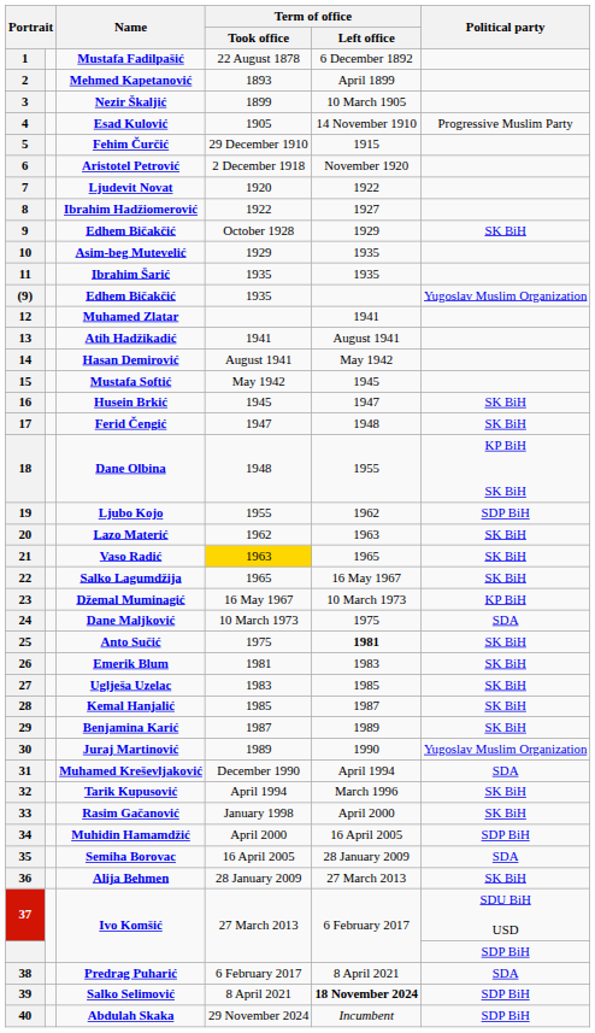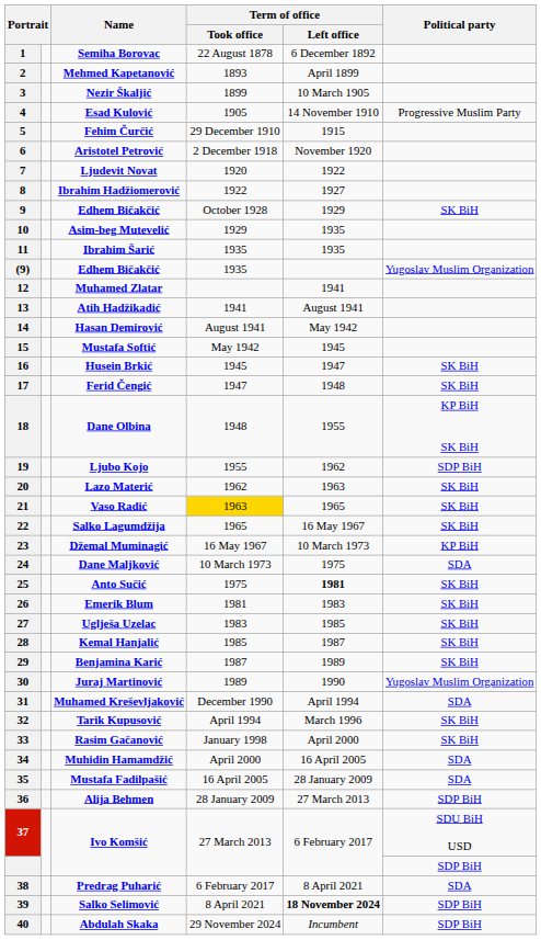 <table class="wikitable sortable" style="text-align: center;font-size:90%; border:1px #AAAAFF solid">
 <tr>
 <th rowspan=2 colspan=2>Portrait</th>
 <th rowspan=2>Name<br></th>
 <th colspan=2>Term of office</th>
 <th rowspan=2>Political party</th>
 </tr>
 <tr>
 <th>Took office</th>
 <th>Left office</th>
 </tr>
 <tr>
 <th style="background:">1</th>
 <td></td>
-<td><strong><a href='#'>Mustafa Fadilpašić</a></strong><br></td>
+<td><strong><a href='#'>Semiha Borovac</a></strong><br></td>
 <td>22 August 1878</td>
 <td>6 December 1892</td>
 <td></td>
 </tr>
 <tr ->
 <th style="background:">2</th>
 <td></td>
 <td><strong><a href='#'>Mehmed Kapetanović</a></strong><br></td>
 <td>1893</td>
 <td>April 1899</td>
 <td></td>
 </tr>
 <tr ->
 <th style="background:">3</th>
 <td></td>
 <td><strong><a href='#'>Nezir Škaljić</a></strong><br></td>
 <td>1899</td>
 <td>10 March 1905</td>
 <td></td>
 </tr>
 <tr ->
 <th style="background:">4</th>
 <td></td>
 <td><strong><a href='#'>Esad Kulović</a></strong><br></td>
 <td>1905</td>
 <td>14 November 1910</td>
 <td>Progressive Muslim Party</td>
 </tr>
 <tr ->
 <th style="background:">5</th>
 <td></td>
 <td><strong><a href='#'>Fehim Čurčić</a></strong><br></td>
 <td>29 December 1910</td>
 <td>1915</td>
 <td></td>
 </tr>
 <tr ->
 <th style="background:">6</th>
 <td></td>
 <td><strong><a href='#'>Aristotel Petrović</a></strong><br></td>
 <td>2 December 1918</td>
 <td>November 1920</td>
 <td></td>
 </tr>
 <tr ->
 <th style="background:">7</th>
 <td></td>
 <td><strong><a href='#'>Ljudevit Novat</a></strong><br></td>
 <td>1920</td>
 <td>1922</td>
 <td></td>
 </tr>
 <tr ->
 <th style="background:">8</th>
 <td></td>
 <td><strong><a href='#'>Ibrahim Hadžiomerović</a></strong><br></td>
 <td>1922</td>
 <td>1927</td>
 <td></td>
 </tr>
 <tr ->
 <th style="background:">9</th>
 <td></td>
 <td><strong><a href='#'>Edhem Bičakčić</a></strong><br></td>
 <td>October 1928</td>
 <td>1929</td>
 <td><a href='#'>SK BiH</a></td>
 </tr>
 <tr ->
 <th style="background:">10</th>
 <td></td>
 <td><strong><a href='#'>Asim-beg Mutevelić</a></strong><br></td>
 <td>1929</td>
 <td>1935</td>
 <td></td>
 </tr>
 <tr ->
 <th style="background:">11</th>
 <td></td>
 <td><strong><a href='#'>Ibrahim Šarić</a></strong><br></td>
 <td>1935</td>
 <td>1935</td>
 <td></td>
 </tr>
 <tr ->
 <th style="background:">(9)</th>
 <td></td>
 <td><strong><a href='#'>Edhem Bičakčić</a></strong><br></td>
 <td>1935</td>
 <td></td>
 <td><a href='#'>Yugoslav Muslim Organization</a></td>
 </tr>
 <tr ->
 <th style="background:">12</th>
 <td></td>
 <td><strong><a href='#'>Muhamed Zlatar</a></strong><br></td>
 <td></td>
 <td>1941</td>
 <td></td>
 </tr>
 <tr ->
 <th style="background:">13</th>
 <td></td>
 <td><strong><a href='#'>Atih Hadžikadić</a></strong><br></td>
 <td>1941</td>
 <td>August 1941</td>
 <td></td>
 </tr>
 <tr ->
 <th style="background:">14</th>
 <td></td>
 <td><strong><a href='#'>Hasan Demirović</a></strong><br></td>
 <td>August 1941</td>
 <td>May 1942</td>
 <td></td>
 </tr>
 <tr ->
 <th style="background:">15</th>
 <td></td>
 <td><strong><a href='#'>Mustafa Softić</a></strong><br></td>
 <td>May 1942</td>
 <td>1945</td>
 <td></td>
 </tr>
 <tr ->
 <th style="background:">16</th>
 <td></td>
 <td><strong><a href='#'>Husein Brkić</a></strong><br></td>
 <td>1945</td>
 <td>1947</td>
 <td><a href='#'>SK BiH</a></td>
 </tr>
 <tr ->
 <th style="background:">17</th>
 <td></td>
 <td><strong><a href='#'>Ferid Čengić</a></strong><br></td>
 <td>1947</td>
 <td>1948</td>
 <td><a href='#'>SK BiH</a></td>
 </tr>
 <tr ->
 <th style="background:">18</th>
 <td></td>
 <td><strong><a href='#'>Dane Olbina</a></strong><br></td>
 <td>1948</td>
 <td>1955</td>
 <td><a href='#'>KP BiH</a><br><br><br><a href='#'>SK BiH</a></td>
 </tr>
 <tr ->
 <th style="background:">19</th>
 <td></td>
 <td><strong><a href='#'>Ljubo Kojo</a></strong><br></td>
 <td>1955</td>
 <td>1962</td>
 <td><a href='#'>SDP BiH</a></td>
 </tr>
 <tr ->
 <th style="background:">20</th>
 <td></td>
 <td><strong><a href='#'>Lazo Materić</a></strong><br></td>
 <td>1962</td>
 <td>1963</td>
 <td><a href='#'>SK BiH</a></td>
 </tr>
 <tr ->
 <th style="background:">21</th>
 <td></td>
 <td><strong><a href='#'>Vaso Radić</a></strong><br></td>
 <td style="background: gold;">1963</td>
 <td>1965</td>
 <td><a href='#'>SK BiH</a></td>
 </tr>
 <tr ->
 <th style="background:">22</th>
 <td></td>
 <td><strong><a href='#'>Salko Lagumdžija</a></strong><br></td>
 <td>1965</td>
 <td>16 May 1967</td>
 <td><a href='#'>SK BiH</a></td>
 </tr>
 <tr ->
 <th style="background:">23</th>
 <td></td>
 <td><strong><a href='#'>Džemal Muminagić</a></strong><br></td>
 <td>16 May 1967</td>
 <td>10 March 1973</td>
 <td><a href='#'>KP BiH</a></td>
 </tr>
 <tr ->
 <th style="background:">24</th>
 <td></td>
 <td><strong><a href='#'>Dane Maljković</a></strong><br></td>
 <td>10 March 1973</td>
 <td>1975</td>
 <td><a href='#'>SDA</a></td>
 </tr>
 <tr ->
 <th style="background:">25</th>
 <td></td>
 <td><strong><a href='#'>Anto Sučić</a></strong><br></td>
 <td>1975</td>
 <td><strong>1981</strong></td>
 <td><a href='#'>SK BiH</a></td>
 </tr>
 <tr ->
 <th style="background:">26</th>
 <td></td>
 <td><strong><a href='#'>Emerik Blum</a></strong><br></td>
 <td>1981</td>
 <td>1983</td>
 <td><a href='#'>SK BiH</a></td>
 </tr>
 <tr ->
 <th style="background:">27</th>
 <td></td>
 <td><strong><a href='#'>Uglješa Uzelac</a></strong><br></td>
 <td>1983</td>
 <td>1985</td>
 <td><a href='#'>SK BiH</a></td>
 </tr>
 <tr ->
 <th style="background:">28</th>
 <td></td>
 <td><strong><a href='#'>Kemal Hanjalić</a></strong><br></td>
 <td>1985</td>
 <td>1987</td>
 <td><a href='#'>SK BiH</a></td>
 </tr>
 <tr ->
 <th style="background:">29</th>
 <td></td>
 <td><strong><a href='#'>Benjamina Karić</a></strong><br></td>
 <td>1987</td>
 <td>1989</td>
 <td><a href='#'>SK BiH</a></td>
 </tr>
 <tr ->
 <th style="background:">30</th>
 <td></td>
 <td><strong><a href='#'>Juraj Martinović</a></strong><br></td>
 <td>1989</td>
 <td>1990</td>
 <td><a href='#'>Yugoslav Muslim Organization</a></td>
 </tr>
 <tr ->
 <th style="background:">31</th>
 <td></td>
 <td><strong><a href='#'>Muhamed Kreševljaković</a></strong><br></td>
 <td>December 1990</td>
 <td>April 1994</td>
 <td><a href='#'>SDA</a></td>
 </tr>
 <tr ->
 <th style="background:">32</th>
 <td></td>
 <td><strong><a href='#'>Tarik Kupusović</a></strong><br></td>
 <td>April 1994</td>
 <td>March 1996</td>
 <td><a href='#'>SK BiH</a></td>
 </tr>
 <tr ->
 <th style="background:">33</th>
 <td></td>
 <td><strong><a href='#'>Rasim Gačanović</a></strong><br></td>
 <td>January 1998</td>
 <td>April 2000</td>
 <td><a href='#'>SK BiH</a></td>
 </tr>
 <tr ->
 <th style="background:">34</th>
 <td></td>
 <td><strong><a href='#'>Muhidin Hamamdžić</a></strong><br></td>
 <td>April 2000</td>
 <td>16 April 2005</td>
-<td><a href='#'>SDP BiH</a></td>
+<td><a href='#'>SDA</a></td>
 </tr>
 <tr ->
 <th style="background:">35</th>
 <td><strong></strong></td>
-<td><strong><a href='#'>Semiha Borovac</a></strong><br></td>
+<td><strong><a href='#'>Mustafa Fadilpašić</a></strong><br></td>
 <td>16 April 2005</td>
 <td>28 January 2009</td>
 <td><a href='#'>SDA</a></td>
 </tr>
 <tr ->
 <th style="background:">36</th>
 <td></td>
 <td><strong><a href='#'>Alija Behmen</a></strong><br></td>
 <td>28 January 2009</td>
 <td>27 March 2013</td>
-<td><a href='#'>SK BiH</a></td>
+<td><a href='#'>SDP BiH</a></td>
 </tr>
 <tr ->
 <th style="background:#D21404; color:white;">37</th>
 <td rowspan="2"></td>
 <td rowspan="2"><strong><a href='#'>Ivo Komšić</a></strong><br></td>
 <td rowspan="2">27 March 2013</td>
 <td rowspan="2">6 February 2017</td>
 <td><a href='#'>SDU BiH</a><br><br>USD<br></td>
 </tr>
 <tr ->
 <th style="background:"></th>
 <td><a href='#'>SDP BiH</a><br></td>
 </tr>
 <tr ->
 <th style="background:">38</th>
 <td></td>
 <td><strong><a href='#'>Predrag Puharić</a></strong><br></td>
 <td>6 February 2017</td>
 <td>8 April 2021</td>
 <td><a href='#'>SDA</a></td>
 </tr>
 <tr ->
 <th style="background:">39</th>
 <td></td>
 <td><strong><a href='#'>Salko Selimović</a></strong><br></td>
 <td>8 April 2021</td>
 <td><strong>18 November 2024</strong></td>
 <td><a href='#'>SDP BiH</a></td>
 </tr>
 <tr ->
 <th style="background:">40</th>
 <td></td>
 <td><strong><a href='#'>Abdulah Skaka</a></strong><br></td>
 <td>29 November 2024</td>
 <td><em>Incumbent</em></td>
 <td><a href='#'>SDP BiH</a></td>
 </tr>
 </table>
